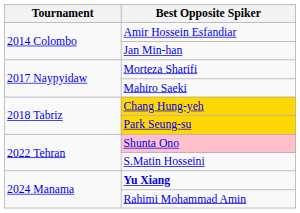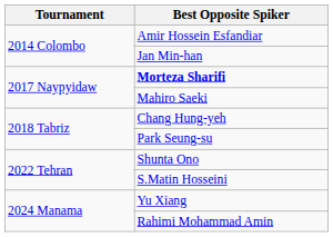 <table class=wikitable style="width: 400px;">
 <tr>
 <th style="width: 40%;">Tournament</th>
 <th style="width: 60%;">Best Opposite Spiker</th>
 </tr>
 <tr>
 <td rowspan=2><a href='#'>2014 Colombo</a></td>
 <td> <a href='#'>Amir Hossein Esfandiar</a></td>
 </tr>
 <tr>
 <td> <a href='#'>Jan Min-han</a></td>
 </tr>
 <tr>
 <td rowspan=2><a href='#'>2017 Naypyidaw</a></td>
-<td> <a href='#'>Morteza Sharifi</a></td>
+<td><strong> <a href='#'>Morteza Sharifi</a></strong></td>
 </tr>
 <tr>
 <td> <a href='#'>Mahiro Saeki</a></td>
 </tr>
 <tr>
 <td rowspan=2><a href='#'>2018 Tabriz</a></td>
-<td style="background: gold;"> <a href='#'>Chang Hung-yeh</a></td>
+<td> <a href='#'>Chang Hung-yeh</a></td>
 </tr>
 <tr>
-<td style="background: gold;"> <a href='#'>Park Seung-su</a></td>
+<td> <a href='#'>Park Seung-su</a></td>
 </tr>
 <tr>
 <td rowspan=2><a href='#'>2022 Tehran</a></td>
-<td style="background: pink;"> <a href='#'>Shunta Ono</a></td>
+<td> <a href='#'>Shunta Ono</a></td>
 </tr>
 <tr>
 <td> <a href='#'>S.Matin Hosseini</a></td>
 </tr>
 <tr>
 <td rowspan=2><a href='#'>2024 Manama</a></td>
-<td><strong> <a href='#'>Yu Xiang</a></strong></td>
+<td> <a href='#'>Yu Xiang</a></td>
 </tr>
 <tr>
 <td> <a href='#'>Rahimi Mohammad Amin</a></td>
 </tr>
 </table>
